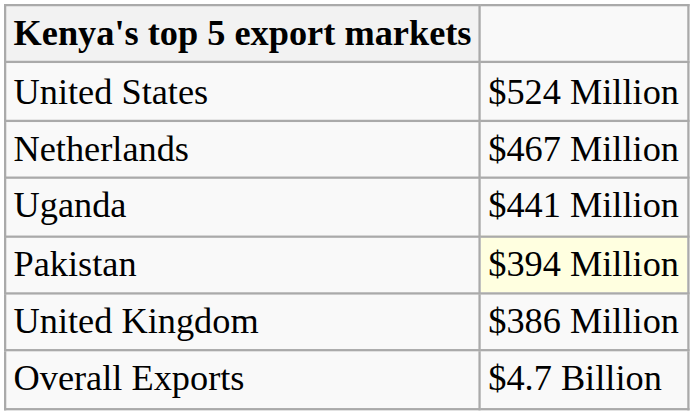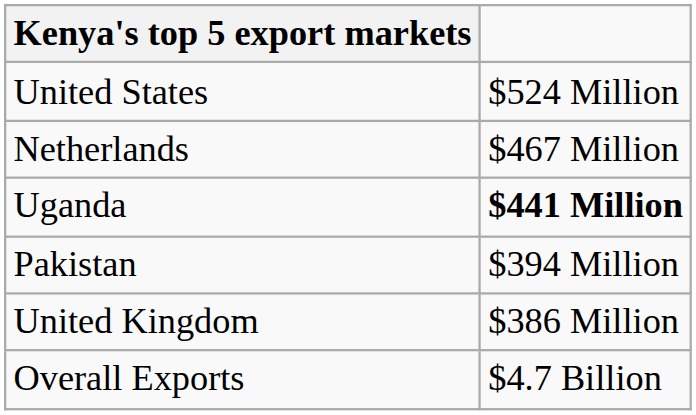 <table class="wikitable">
 <tr>
 <th>Kenya's top 5 export markets</th>
 </tr>
 <tr>
 <td>United States</td>
 <td>$524 Million</td>
 </tr>
 <tr>
 <td>Netherlands</td>
 <td>$467 Million</td>
 </tr>
 <tr>
 <td>Uganda</td>
-<td>$441 Million</td>
+<td><strong>$441 Million</strong></td>
 </tr>
 <tr>
 <td>Pakistan</td>
-<td style="background: lightyellow;">$394 Million</td>
+<td>$394 Million</td>
 </tr>
 <tr>
 <td>United Kingdom</td>
 <td>$386 Million</td>
 </tr>
 <tr>
 <td>Overall Exports</td>
 <td>$4.7 Billion</td>
 </tr>
 </table>
